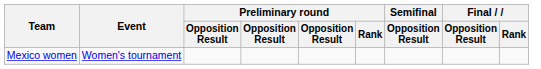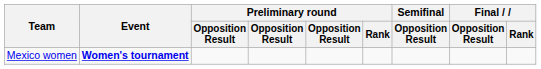 <table class="wikitable" style="font-size:90%;text-align:center">
 <tr>
 <th rowspan=2>Team</th>
 <th rowspan=2>Event</th>
 <th colspan=4>Preliminary round</th>
 <th>Semifinal</th>
 <th colspan=2>Final /  / </th>
 </tr>
 <tr style=font-size:95%>
 <th>Opposition<br>Result</th>
 <th>Opposition<br>Result</th>
 <th>Opposition<br>Result</th>
 <th>Rank</th>
 <th>Opposition<br>Result</th>
 <th>Opposition<br>Result</th>
 <th>Rank</th>
 </tr>
 <tr>
 <td style="text-align:left"><a href='#'>Mexico women</a></td>
-<td style="text-align:left"><a href='#'>Women's tournament</a></td>
+<td style="text-align:left"><strong><a href='#'>Women's tournament</a></strong></td>
 <td></td>
 <td></td>
 <td></td>
 <td></td>
 <td></td>
 <td></td>
 <td></td>
 </tr>
 </table>
